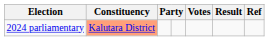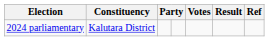 <table class="wikitable" style="text-align:left;">
 <tr>
 <th scope=col>Election</th>
 <th scope=col>Constituency</th>
 <th scope=col colspan="2">Party</th>
 <th scope=col>Votes</th>
 <th scope=col>Result</th>
 <th scope=col>Ref</th>
 </tr>
 <tr>
 <td><a href='#'>2024 parliamentary</a></td>
-<td style="background: lightsalmon;"><a href='#'>Kalutara District</a></td>
+<td><a href='#'>Kalutara District</a></td>
 <td></td>
 <td align=right></td>
 <td></td>
 <td></td>
 </tr>
 </table>
